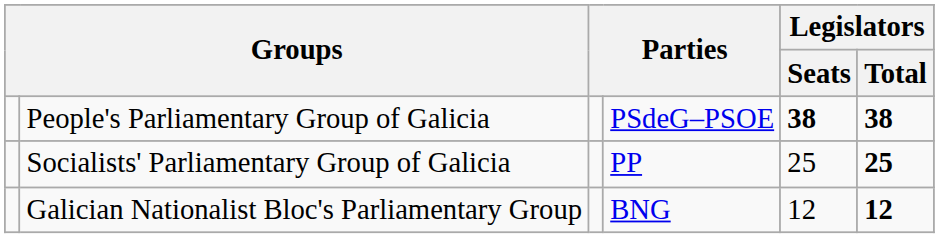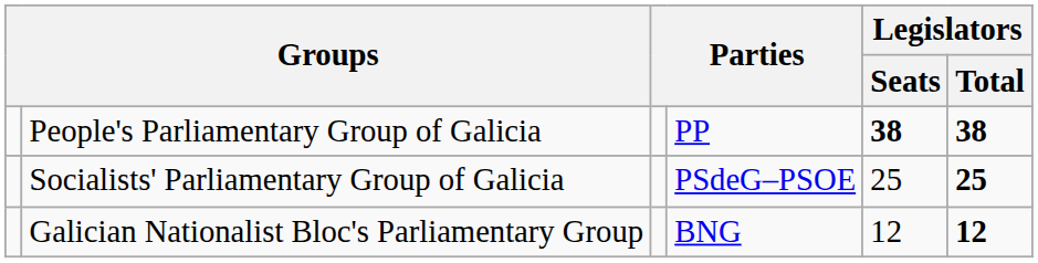 <table class="wikitable" style="text-align:left;">
 <tr>
 <th rowspan="2" colspan="2">Groups</th>
 <th rowspan="2" colspan="2">Parties</th>
 <th colspan="2">Legislators</th>
 </tr>
 <tr>
 <th>Seats</th>
 <th>Total</th>
 </tr>
 <tr>
 <td width="1" style="color:inherit;background:"></td>
 <td>People's Parliamentary Group of Galicia</td>
 <td width="1" style="color:inherit;background:"></td>
-<td><a href='#'>PSdeG–PSOE</a></td>
+<td><a href='#'>PP</a></td>
 <td><strong>38</strong></td>
 <td><strong>38</strong></td>
 </tr>
 <tr>
 <td style="color:inherit;background:"></td>
 <td>Socialists' Parliamentary Group of Galicia</td>
 <td style="color:inherit;background:"></td>
-<td><a href='#'>PP</a></td>
+<td><a href='#'>PSdeG–PSOE</a></td>
 <td>25</td>
 <td><strong>25</strong></td>
 </tr>
 <tr>
 <td style="color:inherit;background:"></td>
 <td>Galician Nationalist Bloc's Parliamentary Group</td>
 <td style="color:inherit;background:"></td>
 <td><a href='#'>BNG</a></td>
 <td>12</td>
 <td><strong>12</strong></td>
 </tr>
 </table>
